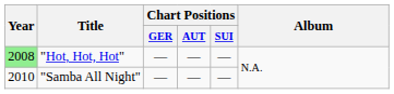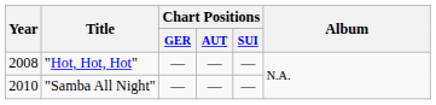 <table class="wikitable">
 <tr>
 <th rowspan="2">Year</th>
 <th rowspan="2">Title</th>
 <th colspan="3">Chart Positions</th>
 <th width="175" rowspan="2">Album</th>
 </tr>
 <tr>
 <th><small><a href='#'>GER</a></small></th>
 <th><small><a href='#'>AUT</a></small></th>
 <th><small><a href='#'>SUI</a></small></th>
 </tr>
 <tr>
-<td style="background: lightgreen;">2008</td>
+<td>2008</td>
 <td>"<a href='#'>Hot, Hot, Hot</a>"</td>
 <td align="center">—</td>
 <td align="center">—</td>
 <td align="center">—</td>
 <td rowspan="2"><small>N.A.</small></td>
 </tr>
 <tr>
 <td>2010</td>
 <td>"Samba All Night"</td>
 <td align="center">—</td>
 <td align="center">—</td>
 <td align="center">—</td>
 </tr>
 </table>
